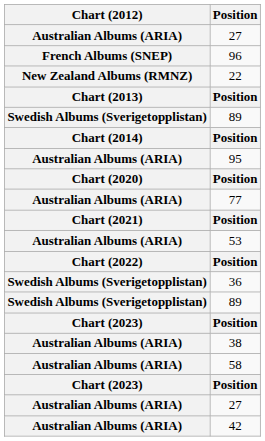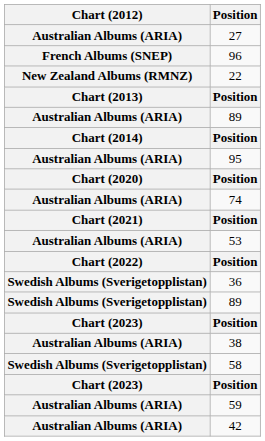 <table class="wikitable plainrowheaders" style="text-align:center">
 <tr>
 <th scope="col">Chart (2012)</th>
 <th scope="col">Position</th>
 </tr>
 <tr>
 <th scope="row">Australian Albums (ARIA)</th>
 <td>27</td>
 </tr>
 <tr>
 <th scope="row">French Albums (SNEP)</th>
 <td>96</td>
 </tr>
 <tr>
 <th scope="row">New Zealand Albums (RMNZ)</th>
 <td>22</td>
 </tr>
 <tr>
 <th scope="col">Chart (2013)</th>
 <th scope="col">Position</th>
 </tr>
 <tr>
-<th scope="row">Swedish Albums (Sverigetopplistan)</th>
+<th scope="row">Australian Albums (ARIA)</th>
 <td>89</td>
 </tr>
 <tr>
 <th scope="col">Chart (2014)</th>
 <th scope="col">Position</th>
 </tr>
 <tr>
 <th scope="row">Australian Albums (ARIA)</th>
 <td>95</td>
 </tr>
 <tr>
 <th scope="col">Chart (2020)</th>
 <th scope="col">Position</th>
 </tr>
 <tr>
 <th scope="row">Australian Albums (ARIA)</th>
-<td>77</td>
+<td>74</td>
 </tr>
 <tr>
 <th scope="col">Chart (2021)</th>
 <th scope="col">Position</th>
 </tr>
 <tr>
 <th scope="row">Australian Albums (ARIA)</th>
 <td>53</td>
 </tr>
 <tr>
 <th scope="col">Chart (2022)</th>
 <th scope="col">Position</th>
 </tr>
 <tr>
 <th scope="row">Swedish Albums (Sverigetopplistan)</th>
 <td>36</td>
 </tr>
 <tr>
 <th scope="row">Swedish Albums (Sverigetopplistan)</th>
 <td>89</td>
 </tr>
 <tr>
 <th scope="col">Chart (2023)</th>
 <th scope="col">Position</th>
 </tr>
 <tr>
 <th scope="row">Australian Albums (ARIA)</th>
 <td>38</td>
 </tr>
 <tr>
-<th scope="row">Australian Albums (ARIA)</th>
+<th scope="row">Swedish Albums (Sverigetopplistan)</th>
 <td>58</td>
 </tr>
 <tr>
 <th scope="col">Chart (2023)</th>
 <th scope="col">Position</th>
 </tr>
 <tr>
 <th scope="row">Australian Albums (ARIA)</th>
-<td>27</td>
+<td>59</td>
 </tr>
 <tr>
 <th scope="row">Australian Albums (ARIA)</th>
 <td>42</td>
 </tr>
 </table>
